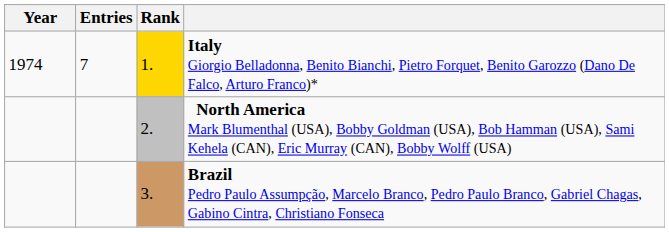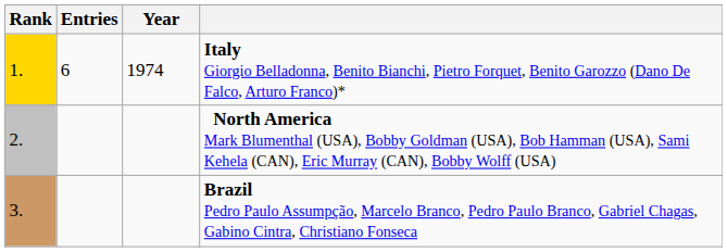 <table class="wikitable" style="width:100%;">
 <tr>
+<th>Rank</th>
+<th>Entries</th>
 <th>Year</th>
-<th>Entries</th>
-<th>Rank</th>
 <th></th>
 </tr>
 <tr>
+<td style="background:gold; width:30px;">1.</td>
+<td>6</td>
 <td width=60>1974</td>
-<td>7</td>
-<td style="background:gold; width:30px;">1.</td>
 <td> <strong>Italy</strong><br><small><a href='#'>Giorgio Belladonna</a>, <a href='#'>Benito Bianchi</a>, <a href='#'>Pietro Forquet</a>, <a href='#'>Benito Garozzo</a> (<a href='#'>Dano De Falco</a>, <a href='#'>Arturo Franco</a>)*</small></td>
 </tr>
 <tr>
+<td style="background:silver;">2.</td>
 <td></td>
 <td></td>
-<td style="background:silver;">2.</td>
 <td>  <strong>North America</strong><br><small><a href='#'>Mark Blumenthal</a> (USA), <a href='#'>Bobby Goldman</a> (USA), <a href='#'>Bob Hamman</a> (USA), <a href='#'>Sami Kehela</a> (CAN), <a href='#'>Eric Murray</a> (CAN), <a href='#'>Bobby Wolff</a> (USA)</small></td>
 </tr>
 <tr>
+<td style="background:#c96;">3.</td>
 <td></td>
 <td></td>
-<td style="background:#c96;">3.</td>
 <td> <strong>Brazil</strong><br><small><a href='#'>Pedro Paulo Assumpção</a>, <a href='#'>Marcelo Branco</a>, <a href='#'>Pedro Paulo Branco</a>, <a href='#'>Gabriel Chagas</a>, <a href='#'>Gabino Cintra</a>, <a href='#'>Christiano Fonseca</a></small></td>
 </tr>
 </table>
